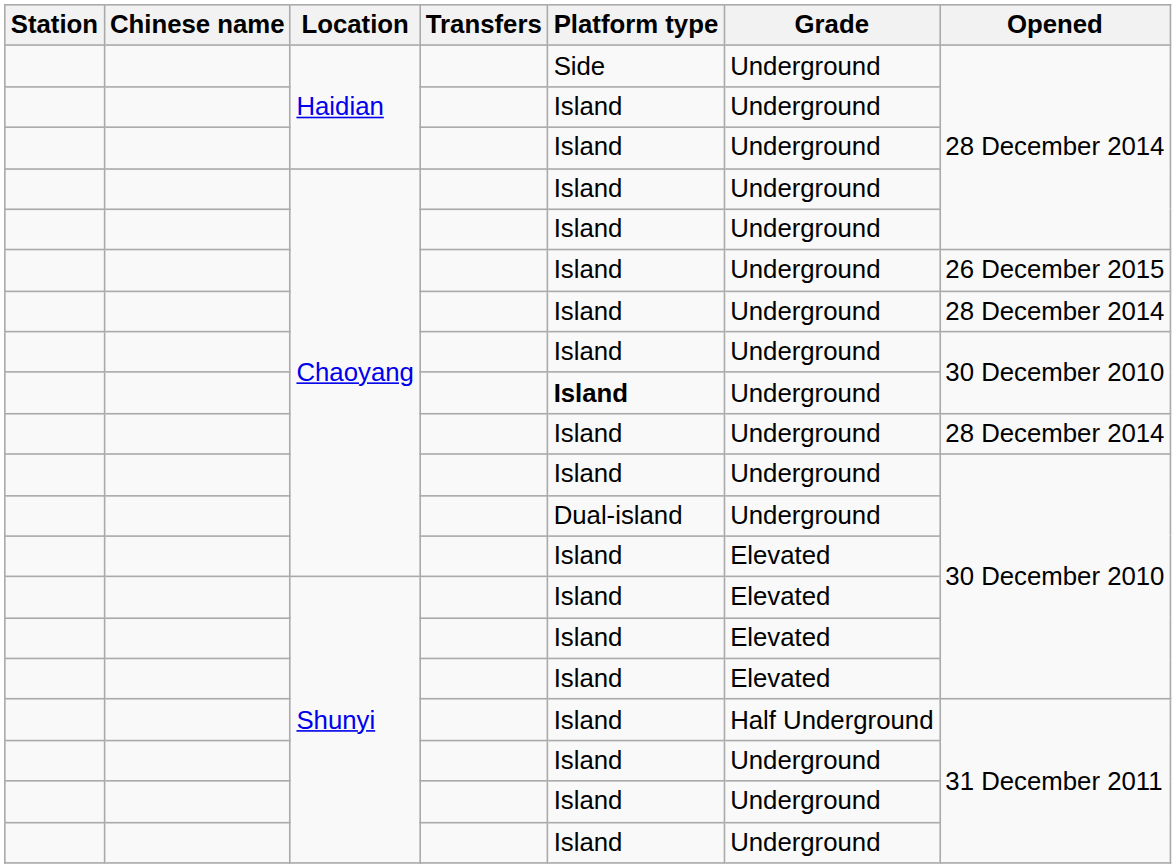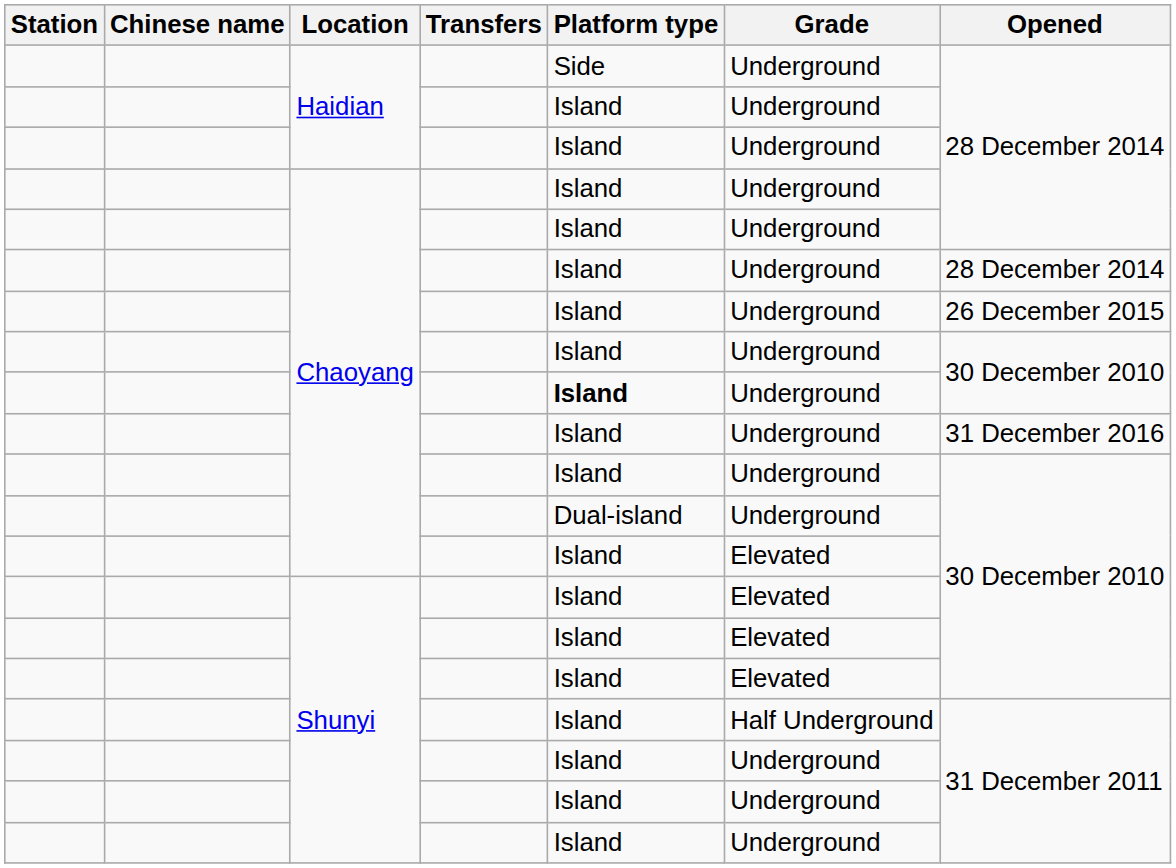 <table class=wikitable>
 <tr>
 <th>Station</th>
 <th>Chinese name</th>
 <th>Location</th>
 <th>Transfers</th>
 <th>Platform type</th>
 <th>Grade</th>
 <th>Opened</th>
 </tr>
 <tr>
 <td></td>
 <td><span></span></td>
 <td rowspan=3><a href='#'>Haidian</a></td>
 <td></td>
 <td>Side</td>
 <td>Underground</td>
 <td rowspan=5>28 December 2014</td>
 </tr>
 <tr>
 <td></td>
 <td><span></span></td>
 <td></td>
 <td>Island</td>
 <td>Underground</td>
 </tr>
 <tr>
 <td></td>
 <td><span></span></td>
 <td></td>
 <td>Island</td>
 <td>Underground</td>
 </tr>
 <tr>
 <td></td>
 <td><span></span></td>
 <td rowspan=10><a href='#'>Chaoyang</a></td>
 <td></td>
 <td>Island</td>
 <td>Underground</td>
 </tr>
 <tr>
 <td></td>
 <td><span></span></td>
 <td></td>
 <td>Island</td>
 <td>Underground</td>
 </tr>
 <tr>
 <td></td>
 <td><span></span></td>
 <td></td>
 <td>Island</td>
 <td>Underground</td>
-<td>26 December 2015</td>
+<td>28 December 2014</td>
 </tr>
 <tr>
 <td></td>
 <td><span></span></td>
 <td></td>
 <td>Island</td>
 <td>Underground</td>
-<td>28 December 2014</td>
+<td>26 December 2015</td>
 </tr>
 <tr>
 <td></td>
 <td><span></span></td>
 <td></td>
 <td>Island</td>
 <td>Underground</td>
 <td rowspan=2>30 December 2010</td>
 </tr>
 <tr>
 <td></td>
 <td><span></span></td>
 <td></td>
 <td><strong>Island</strong></td>
 <td>Underground</td>
 </tr>
 <tr>
 <td></td>
 <td><span></span></td>
 <td></td>
 <td>Island</td>
 <td>Underground</td>
-<td>28 December 2014</td>
+<td>31 December 2016</td>
 </tr>
 <tr>
 <td></td>
 <td><span></span></td>
 <td></td>
 <td>Island</td>
 <td>Underground</td>
 <td rowspan=6>30 December 2010</td>
 </tr>
 <tr>
 <td></td>
 <td><span></span></td>
 <td></td>
 <td>Dual-island</td>
 <td>Underground</td>
 </tr>
 <tr>
 <td></td>
 <td><span></span></td>
 <td></td>
 <td>Island</td>
 <td>Elevated</td>
 </tr>
 <tr>
 <td></td>
 <td><span></span></td>
 <td rowspan=7><a href='#'>Shunyi</a></td>
 <td></td>
 <td>Island</td>
 <td>Elevated</td>
 </tr>
 <tr>
 <td></td>
 <td><span></span></td>
 <td></td>
 <td>Island</td>
 <td>Elevated</td>
 </tr>
 <tr>
 <td></td>
 <td><span></span></td>
 <td></td>
 <td>Island</td>
 <td>Elevated</td>
 </tr>
 <tr>
 <td></td>
 <td><span></span></td>
 <td></td>
 <td>Island</td>
 <td>Half Underground</td>
 <td rowspan=4>31 December 2011</td>
 </tr>
 <tr>
 <td></td>
 <td><span></span></td>
 <td></td>
 <td>Island</td>
 <td>Underground</td>
 </tr>
 <tr>
 <td></td>
 <td><span></span></td>
 <td></td>
 <td>Island</td>
 <td>Underground</td>
 </tr>
 <tr>
 <td></td>
 <td><span></span></td>
 <td></td>
 <td>Island</td>
 <td>Underground</td>
 </tr>
 </table>
